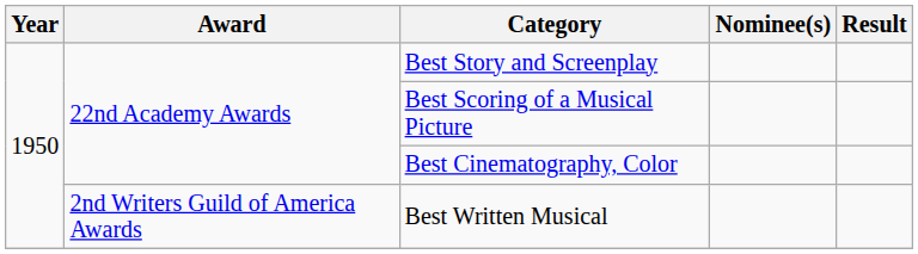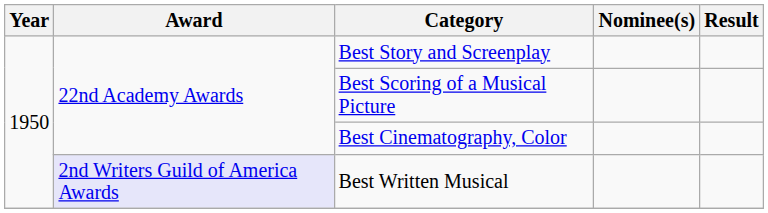 <table class="wikitable sortable">
 <tr>
 <th>Year</th>
 <th>Award</th>
 <th>Category</th>
 <th>Nominee(s)</th>
 <th>Result</th>
 </tr>
 <tr>
 <td rowspan="4">1950</td>
 <td rowspan="3"><a href='#'>22nd Academy Awards</a></td>
 <td><a href='#'>Best Story and Screenplay</a></td>
 <td></td>
 <td></td>
 </tr>
 <tr>
 <td><a href='#'>Best Scoring of a Musical Picture</a></td>
 <td></td>
 <td></td>
 </tr>
 <tr>
 <td><a href='#'>Best Cinematography, Color</a></td>
 <td></td>
 <td></td>
 </tr>
 <tr>
-<td><a href='#'>2nd Writers Guild of America Awards</a></td>
+<td style="background: lavender;"><a href='#'>2nd Writers Guild of America Awards</a></td>
 <td>Best Written Musical</td>
 <td></td>
 <td></td>
 </tr>
 <tr>
 </tr>
 </table>
